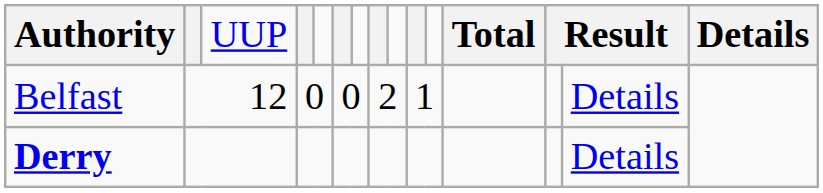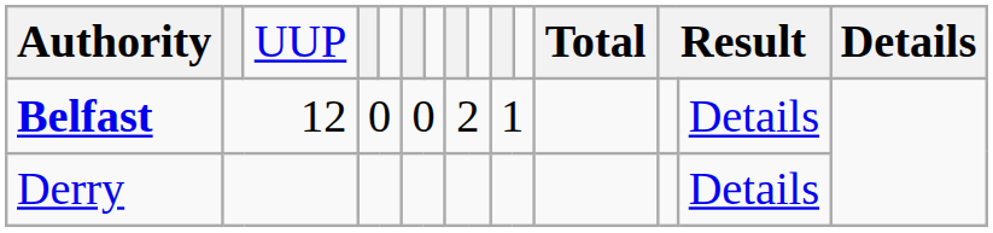 <table class="wikitable" style="text-align:right; padding-left:1em">
 <tr>
 <th align="left">Authority</th>
 <th style="background-color: "></th>
 <td><a href='#'>UUP</a></td>
 <th style="background-color: "></th>
 <td><a href='#'></a></td>
 <th style="background-color: "></th>
 <td><a href='#'></a></td>
 <th style="background-color: "></th>
 <td><a href='#'></a></td>
 <th style="background-color: "></th>
 <td><a href='#'></a></td>
 <th align="left">Total</th>
 <th colspan=2>Result</th>
 <th>Details</th>
 </tr>
 <tr>
-<td align=left><a href='#'>Belfast</a></td>
+<td align=left><strong><a href='#'>Belfast</a></strong></td>
 <td colspan=2>12</td>
 <td colspan=2>0</td>
 <td colspan=2>0</td>
 <td colspan=2>2</td>
 <td colspan=2>1</td>
 <td></td>
 <td></td>
 <td><a href='#'>Details</a></td>
 </tr>
 <tr>
-<td align=left><strong><a href='#'>Derry</a></strong></td>
+<td align=left><a href='#'>Derry</a></td>
 <td colspan=2></td>
 <td colspan=2></td>
 <td colspan=2></td>
 <td colspan=2></td>
 <td colspan=2></td>
 <td></td>
 <td></td>
 <td><a href='#'>Details</a></td>
 </tr>
 </table>
